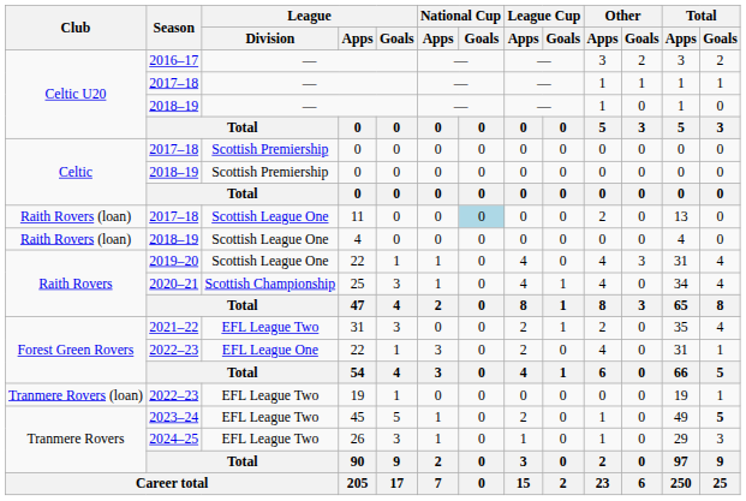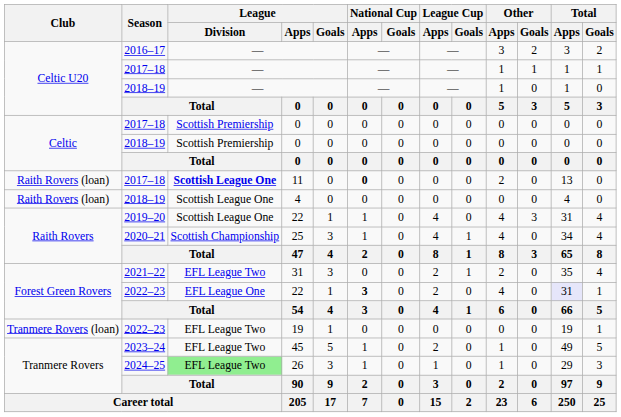 <table class="wikitable" style="text-align: center">
 <tr>
 <th rowspan="2">Club</th>
 <th rowspan="2">Season</th>
 <th colspan="3">League</th>
 <th colspan="2">National Cup</th>
 <th colspan="2">League Cup</th>
 <th colspan="2">Other</th>
 <th colspan="2">Total</th>
 </tr>
 <tr>
 <th>Division</th>
 <th>Apps</th>
 <th>Goals</th>
 <th>Apps</th>
 <th>Goals</th>
 <th>Apps</th>
 <th>Goals</th>
 <th>Apps</th>
 <th>Goals</th>
 <th>Apps</th>
 <th>Goals</th>
 </tr>
 <tr>
 <td rowspan="4"><a href='#'>Celtic U20</a></td>
 <td><a href='#'>2016–17</a></td>
 <td colspan="3">—</td>
 <td colspan="2">—</td>
 <td colspan="2">—</td>
 <td>3</td>
 <td>2</td>
 <td>3</td>
 <td>2</td>
 </tr>
 <tr>
 <td><a href='#'>2017–18</a></td>
 <td colspan="3">—</td>
 <td colspan="2">—</td>
 <td colspan="2">—</td>
 <td>1</td>
 <td>1</td>
 <td>1</td>
 <td>1</td>
 </tr>
 <tr>
 <td><a href='#'>2018–19</a></td>
 <td colspan="3">—</td>
 <td colspan="2">—</td>
 <td colspan="2">—</td>
 <td>1</td>
 <td>0</td>
 <td>1</td>
 <td>0</td>
 </tr>
 <tr>
 <th colspan="2">Total</th>
 <th>0</th>
 <th>0</th>
 <th>0</th>
 <th>0</th>
 <th>0</th>
 <th>0</th>
 <th>5</th>
 <th>3</th>
 <th>5</th>
 <th>3</th>
 </tr>
 <tr>
 <td rowspan="3"><a href='#'>Celtic</a></td>
 <td><a href='#'>2017–18</a></td>
 <td><a href='#'>Scottish Premiership</a></td>
 <td>0</td>
 <td>0</td>
 <td>0</td>
 <td>0</td>
 <td>0</td>
 <td>0</td>
 <td>0</td>
 <td>0</td>
 <td>0</td>
 <td>0</td>
 </tr>
 <tr>
 <td><a href='#'>2018–19</a></td>
 <td>Scottish Premiership</td>
 <td>0</td>
 <td>0</td>
 <td>0</td>
 <td>0</td>
 <td>0</td>
 <td>0</td>
 <td>0</td>
 <td>0</td>
 <td>0</td>
 <td>0</td>
 </tr>
 <tr>
 <th colspan="2">Total</th>
 <th>0</th>
 <th>0</th>
 <th>0</th>
 <th>0</th>
 <th>0</th>
 <th>0</th>
 <th>0</th>
 <th>0</th>
 <th>0</th>
 <th>0</th>
 </tr>
 <tr>
 <td><a href='#'>Raith Rovers</a> (loan)</td>
 <td><a href='#'>2017–18</a></td>
-<td><a href='#'>Scottish League One</a></td>
+<td><strong><a href='#'>Scottish League One</a></strong></td>
 <td>11</td>
 <td>0</td>
+<td><strong>0</strong></td>
 <td>0</td>
-<td style="background: lightblue;">0</td>
 <td>0</td>
 <td>0</td>
 <td>2</td>
 <td>0</td>
 <td>13</td>
 <td>0</td>
 </tr>
 <tr>
 <td><a href='#'>Raith Rovers</a> (loan)</td>
 <td><a href='#'>2018–19</a></td>
 <td>Scottish League One</td>
 <td>4</td>
 <td>0</td>
 <td>0</td>
 <td>0</td>
 <td>0</td>
 <td>0</td>
 <td>0</td>
 <td>0</td>
 <td>4</td>
 <td>0</td>
 </tr>
 <tr>
 <td rowspan="3"><a href='#'>Raith Rovers</a></td>
 <td><a href='#'>2019–20</a></td>
 <td>Scottish League One</td>
 <td>22</td>
 <td>1</td>
 <td>1</td>
 <td>0</td>
 <td>4</td>
 <td>0</td>
 <td>4</td>
 <td>3</td>
 <td>31</td>
 <td>4</td>
 </tr>
 <tr>
 <td><a href='#'>2020–21</a></td>
 <td><a href='#'>Scottish Championship</a></td>
 <td>25</td>
 <td>3</td>
 <td>1</td>
 <td>0</td>
 <td>4</td>
 <td>1</td>
 <td>4</td>
 <td>0</td>
 <td>34</td>
 <td>4</td>
 </tr>
 <tr>
 <th colspan="2">Total</th>
 <th>47</th>
 <th>4</th>
 <th>2</th>
 <th>0</th>
 <th>8</th>
 <th>1</th>
 <th>8</th>
 <th>3</th>
 <th>65</th>
 <th>8</th>
 </tr>
 <tr>
 <td rowspan="3"><a href='#'>Forest Green Rovers</a></td>
 <td><a href='#'>2021–22</a></td>
 <td><a href='#'>EFL League Two</a></td>
 <td>31</td>
 <td>3</td>
 <td>0</td>
 <td>0</td>
 <td>2</td>
 <td>1</td>
 <td>2</td>
 <td>0</td>
 <td>35</td>
 <td>4</td>
 </tr>
 <tr>
 <td><a href='#'>2022–23</a></td>
 <td><a href='#'>EFL League One</a></td>
 <td>22</td>
 <td>1</td>
-<td>3</td>
+<td><strong>3</strong></td>
 <td>0</td>
 <td>2</td>
 <td>0</td>
 <td>4</td>
 <td>0</td>
-<td>31</td>
+<td style="background: lavender;">31</td>
 <td>1</td>
 </tr>
 <tr>
 <th colspan="2">Total</th>
 <th>54</th>
 <th>4</th>
 <th>3</th>
 <th>0</th>
 <th>4</th>
 <th>1</th>
 <th>6</th>
 <th>0</th>
 <th>66</th>
 <th>5</th>
 </tr>
 <tr>
 <td><a href='#'>Tranmere Rovers</a> (loan)</td>
 <td><a href='#'>2022–23</a></td>
 <td>EFL League Two</td>
 <td>19</td>
 <td>1</td>
 <td>0</td>
 <td>0</td>
 <td>0</td>
 <td>0</td>
 <td>0</td>
 <td>0</td>
 <td>19</td>
 <td>1</td>
 </tr>
 <tr>
 <td rowspan="3">Tranmere Rovers</td>
 <td><a href='#'>2023–24</a></td>
 <td>EFL League Two</td>
 <td>45</td>
 <td>5</td>
 <td>1</td>
 <td>0</td>
 <td>2</td>
 <td>0</td>
 <td>1</td>
 <td>0</td>
 <td>49</td>
-<td><strong>5</strong></td>
+<td>5</td>
 </tr>
 <tr>
 <td><a href='#'>2024–25</a></td>
-<td>EFL League Two</td>
+<td style="background: lightgreen;">EFL League Two</td>
 <td>26</td>
 <td>3</td>
 <td>1</td>
 <td>0</td>
 <td>1</td>
 <td>0</td>
 <td>1</td>
 <td>0</td>
 <td>29</td>
 <td>3</td>
 </tr>
 <tr>
 <th colspan="2">Total</th>
 <th>90</th>
 <th>9</th>
 <th>2</th>
 <th>0</th>
 <th>3</th>
 <th>0</th>
 <th>2</th>
 <th>0</th>
 <th>97</th>
 <th>9</th>
 </tr>
 <tr>
 <th colspan="3">Career total</th>
 <th>205</th>
 <th>17</th>
 <th>7</th>
 <th>0</th>
 <th>15</th>
 <th>2</th>
 <th>23</th>
 <th>6</th>
 <th>250</th>
 <th>25</th>
 </tr>
 </table>
